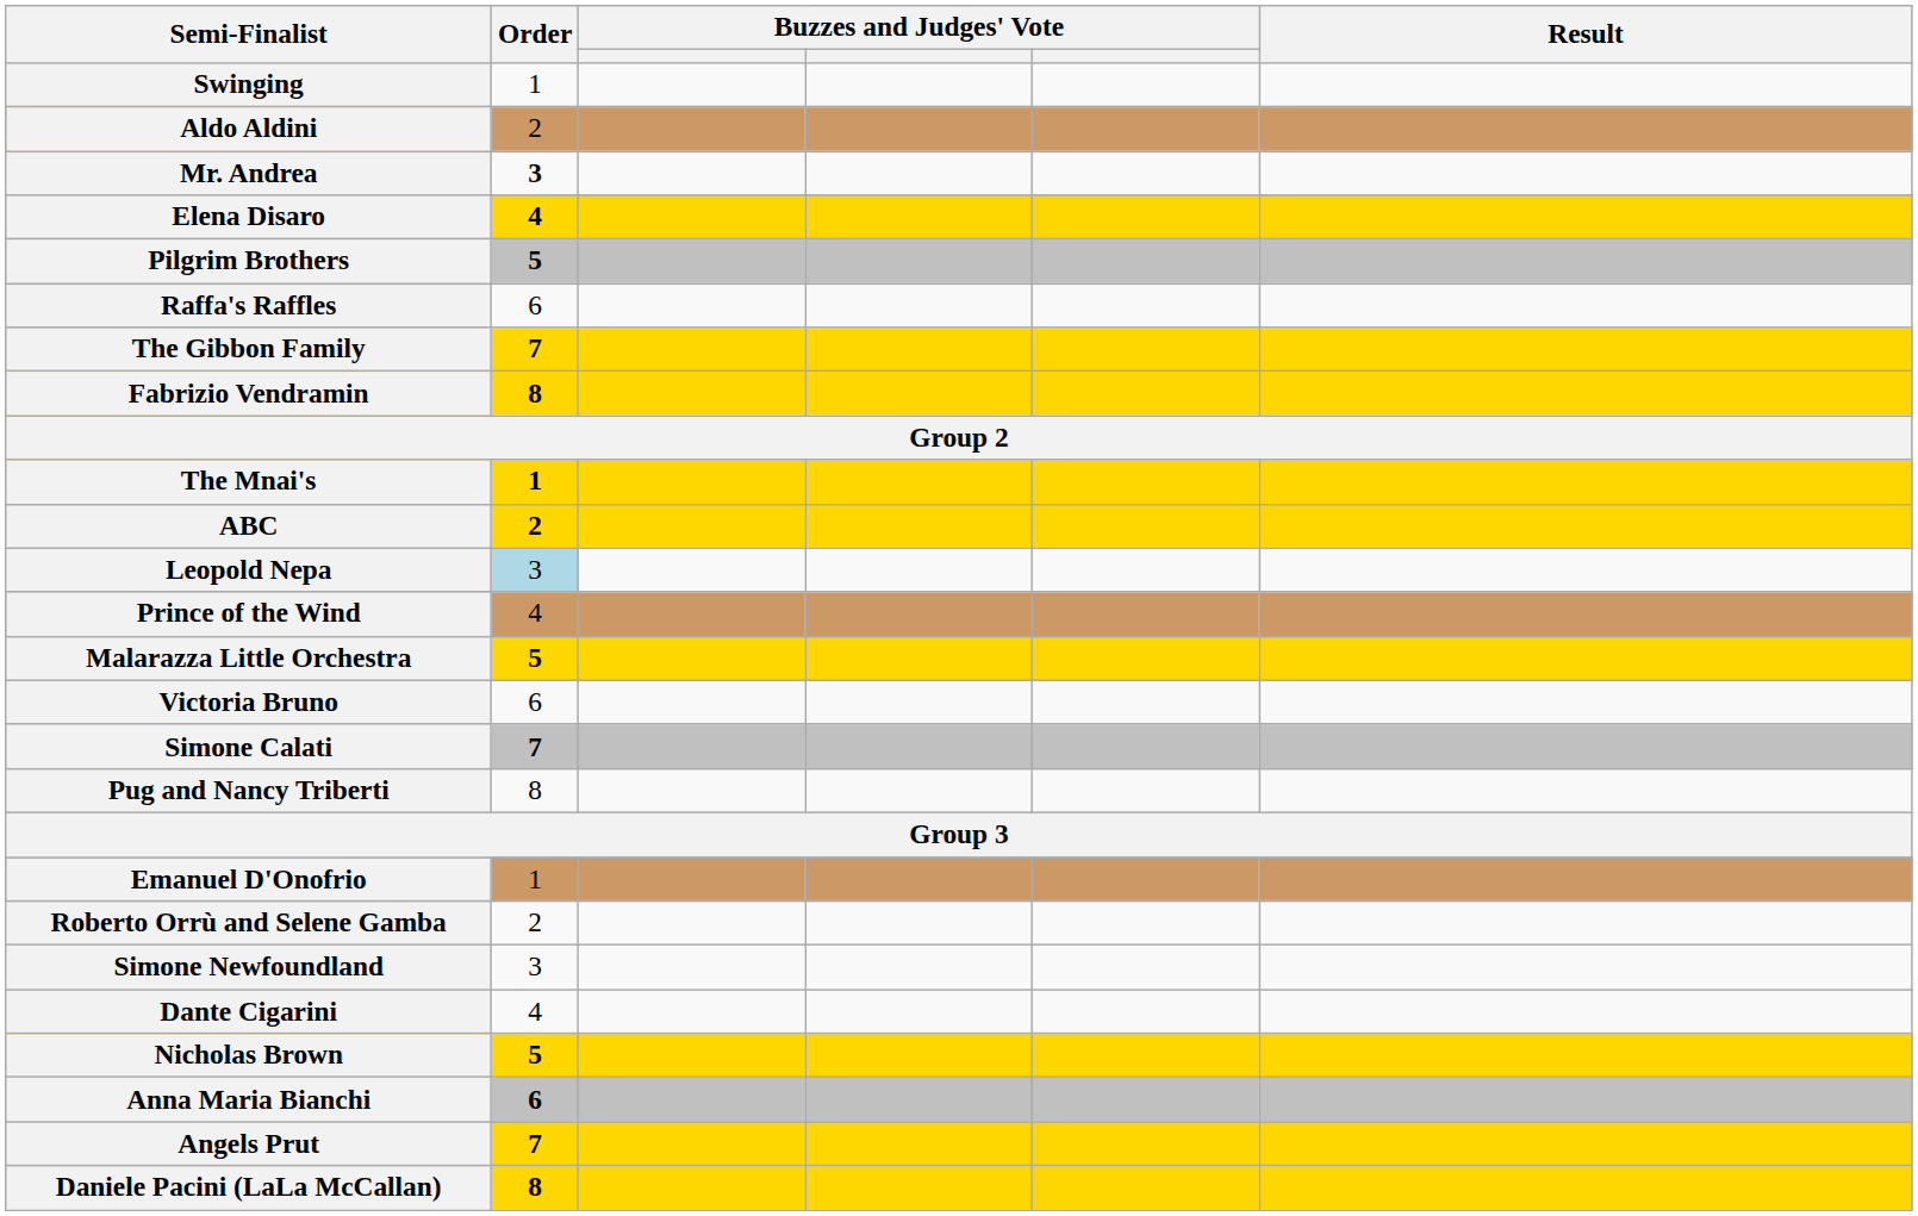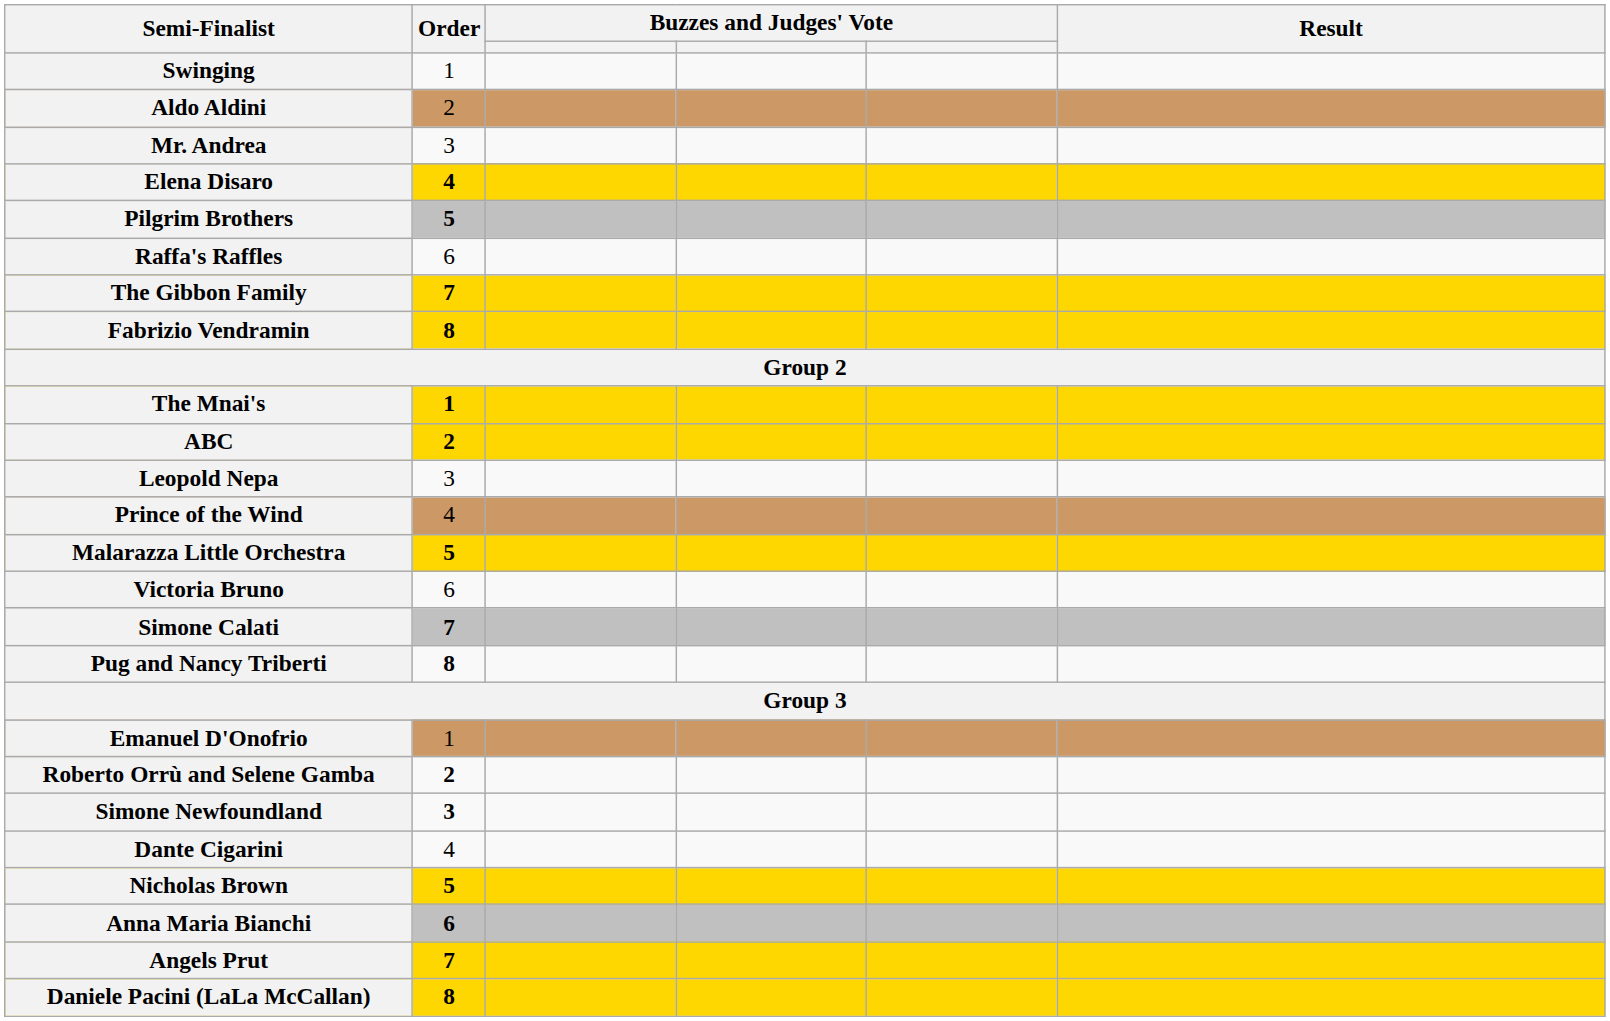 <table class="wikitable plainrowheaders sortable" style="text-align:center;">
 <tr>
 <th scope="col" rowspan=2 class="unsortable" style="width:17em;">Semi-Finalist</th>
 <th scope="col" rowspan=2 style="width:1em;">Order</th>
 <th scope="col" colspan=3 class="unsortable" style="width:24em;">Buzzes and Judges' Vote</th>
 <th scope="col" rowspan=2 style="width:23em;">Result</th>
 </tr>
 <tr>
 <th scope="col" class="unsortable" style="width:6em;"></th>
 <th scope="col" class="unsortable" style="width:6em;"></th>
 <th scope="col" class="unsortable" style="width:6em;"></th>
 </tr>
 <tr>
 <th scope="row">Swinging</th>
 <td>1</td>
 <td style="text-align:center;"></td>
 <td style="text-align:center;"></td>
 <td style="text-align:center;"></td>
 <td></td>
 </tr>
 <tr bgcolor=#c96>
 <th scope="row">Aldo Aldini</th>
 <td>2</td>
 <td style="text-align:center;"></td>
 <td style="text-align:center;"></td>
 <td style="text-align:center;"></td>
 <td><strong></strong></td>
 </tr>
 <tr>
 <th scope="row">Mr. Andrea</th>
-<td><strong>3</strong></td>
+<td>3</td>
 <td style="text-align:center;"></td>
 <td style="text-align:center;"></td>
 <td style="text-align:center;"></td>
 <td></td>
 </tr>
 <tr bgcolor=gold>
 <th scope="row"><strong>Elena Disaro</strong></th>
 <td><strong>4</strong></td>
 <td style="text-align:center;"></td>
 <td style="text-align:center;"></td>
 <td style="text-align:center;"></td>
 <td><strong></strong></td>
 </tr>
 <tr bgcolor=silver>
 <th scope="row"><strong>Pilgrim Brothers</strong></th>
 <td><strong>5</strong></td>
 <td style="text-align:center;"></td>
 <td style="text-align:center;"></td>
 <td style="text-align:center;"></td>
 <td><strong></strong></td>
 </tr>
 <tr>
 <th scope="row">Raffa's Raffles</th>
 <td>6</td>
 <td style="text-align:center;"></td>
 <td style="text-align:center;"></td>
 <td style="text-align:center;"></td>
 <td></td>
 </tr>
 <tr bgcolor=gold>
 <th scope="row"><strong>The Gibbon Family</strong></th>
 <td><strong>7</strong></td>
 <td style="text-align:center;"></td>
 <td style="text-align:center;"></td>
 <td style="text-align:center;"></td>
 <td><strong></strong></td>
 </tr>
 <tr bgcolor=gold>
 <th scope="row"><strong>Fabrizio Vendramin</strong></th>
 <td><strong>8</strong></td>
 <td style="text-align:center;"></td>
 <td style="text-align:center;"></td>
 <td style="text-align:center;"></td>
 <td><strong></strong></td>
 </tr>
 <tr>
 <th colspan="8">Group 2</th>
 </tr>
 <tr bgcolor=gold>
 <th scope="row"><strong>The Mnai's</strong></th>
 <td><strong>1</strong></td>
 <td style="text-align:center;"></td>
 <td style="text-align:center;"></td>
 <td style="text-align:center;"></td>
 <td><strong></strong></td>
 </tr>
 <tr bgcolor=gold>
 <th scope="row"><strong>ABC</strong></th>
 <td><strong>2</strong></td>
 <td style="text-align:center;"></td>
 <td style="text-align:center;"></td>
 <td style="text-align:center;"></td>
 <td><strong></strong></td>
 </tr>
 <tr>
 <th scope="row">Leopold Nepa</th>
-<td style="background: lightblue;">3</td>
+<td>3</td>
 <td style="text-align:center;"></td>
 <td style="text-align:center;"></td>
 <td style="text-align:center;"></td>
 <td></td>
 </tr>
 <tr bgcolor=#c96>
 <th scope="row">Prince of the Wind</th>
 <td>4</td>
 <td style="text-align:center;"></td>
 <td style="text-align:center;"></td>
 <td style="text-align:center;"></td>
 <td><strong></strong></td>
 </tr>
 <tr bgcolor=gold>
 <th scope="row"><strong>Malarazza Little Orchestra</strong></th>
 <td><strong>5</strong></td>
 <td style="text-align:center;"></td>
 <td style="text-align:center;"></td>
 <td style="text-align:center;"></td>
 <td><strong></strong></td>
 </tr>
 <tr>
 <th scope="row">Victoria Bruno</th>
 <td>6</td>
 <td style="text-align:center;"></td>
 <td style="text-align:center;"></td>
 <td style="text-align:center;"></td>
 <td></td>
 </tr>
 <tr bgcolor=silver>
 <th scope="row"><strong>Simone Calati</strong></th>
 <td><strong>7</strong></td>
 <td style="text-align:center;"></td>
 <td style="text-align:center;"></td>
 <td style="text-align:center;"></td>
 <td><strong></strong></td>
 </tr>
 <tr>
 <th scope="row">Pug and Nancy Triberti</th>
-<td>8</td>
+<td><strong>8</strong></td>
 <td style="text-align:center;"></td>
 <td style="text-align:center;"></td>
 <td style="text-align:center;"></td>
 <td></td>
 </tr>
 <tr>
 <th colspan="8">Group 3</th>
 </tr>
 <tr bgcolor=#c96>
 <th scope="row">Emanuel D'Onofrio</th>
 <td>1</td>
 <td style="text-align:center;"></td>
 <td style="text-align:center;"></td>
 <td style="text-align:center;"></td>
 <td><strong></strong></td>
 </tr>
 <tr>
 <th scope="row">Roberto Orrù and Selene Gamba</th>
-<td>2</td>
+<td><strong>2</strong></td>
 <td style="text-align:center;"></td>
 <td style="text-align:center;"></td>
 <td style="text-align:center;"></td>
 <td></td>
 </tr>
 <tr>
 <th scope="row">Simone Newfoundland</th>
-<td>3</td>
+<td><strong>3</strong></td>
 <td style="text-align:center;"></td>
 <td style="text-align:center;"></td>
 <td style="text-align:center;"></td>
 <td></td>
 </tr>
 <tr>
 <th scope="row">Dante Cigarini</th>
 <td>4</td>
 <td style="text-align:center;"></td>
 <td style="text-align:center;"></td>
 <td style="text-align:center;"></td>
 <td></td>
 </tr>
 <tr bgcolor=gold>
 <th scope="row"><strong>Nicholas Brown</strong></th>
 <td><strong>5</strong></td>
 <td style="text-align:center;"></td>
 <td style="text-align:center;"></td>
 <td style="text-align:center;"></td>
 <td><strong></strong></td>
 </tr>
 <tr bgcolor=silver>
 <th scope="row"><strong>Anna Maria Bianchi</strong></th>
 <td><strong>6</strong></td>
 <td style="text-align:center;"></td>
 <td style="text-align:center;"></td>
 <td style="text-align:center;"></td>
 <td><strong></strong></td>
 </tr>
 <tr bgcolor=gold>
 <th scope="row"><strong>Angels Prut</strong></th>
 <td><strong>7</strong></td>
 <td style="text-align:center;"></td>
 <td style="text-align:center;"></td>
 <td style="text-align:center;"></td>
 <td><strong></strong></td>
 </tr>
 <tr bgcolor=gold>
 <th scope="row"><strong>Daniele Pacini (LaLa McCallan)</strong></th>
 <td><strong>8</strong></td>
 <td style="text-align:center;"></td>
 <td style="text-align:center;"></td>
 <td style="text-align:center;"></td>
 <td><strong></strong></td>
 </tr>
 </table>
